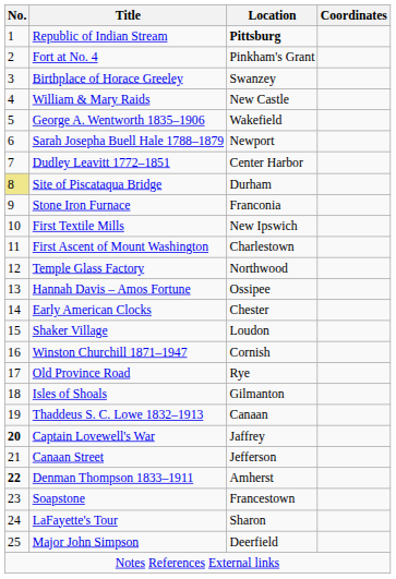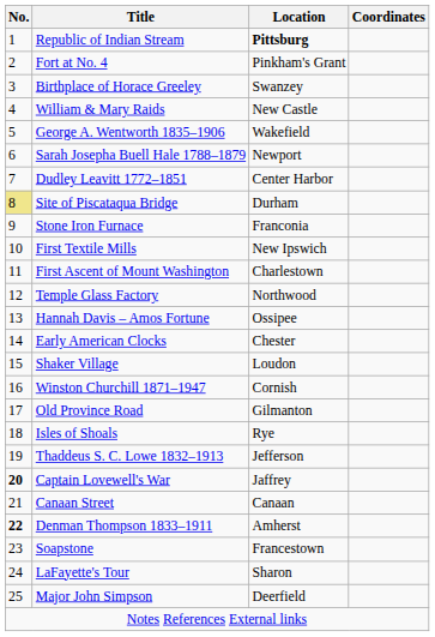 <table class="wikitable" style="text-align:left; font-size: 95%;">
 <tr>
 <th>No.</th>
 <th>Title</th>
 <th>Location</th>
 <th>Coordinates</th>
 </tr>
 <tr>
 <td>1</td>
 <td><a href='#'>Republic of Indian Stream</a></td>
 <td><strong>Pittsburg</strong></td>
 <td></td>
 </tr>
 <tr>
 <td>2</td>
 <td><a href='#'>Fort at No. 4</a></td>
 <td>Pinkham's Grant</td>
 <td></td>
 </tr>
 <tr>
 <td>3</td>
 <td><a href='#'>Birthplace of Horace Greeley</a></td>
 <td>Swanzey</td>
 <td></td>
 </tr>
 <tr>
 <td>4</td>
 <td><a href='#'>William & Mary Raids</a></td>
 <td>New Castle</td>
 <td></td>
 </tr>
 <tr>
 <td>5</td>
 <td><a href='#'>George A. Wentworth 1835–1906</a></td>
 <td>Wakefield</td>
 <td></td>
 </tr>
 <tr>
 <td>6</td>
 <td><a href='#'>Sarah Josepha Buell Hale 1788–1879</a></td>
 <td>Newport</td>
 <td></td>
 </tr>
 <tr>
 <td>7</td>
 <td><a href='#'>Dudley Leavitt 1772–1851</a></td>
 <td>Center Harbor</td>
 <td></td>
 </tr>
 <tr>
 <td style="background: khaki;">8</td>
 <td><a href='#'>Site of Piscataqua Bridge</a></td>
 <td>Durham</td>
 <td></td>
 </tr>
 <tr>
 <td>9</td>
 <td><a href='#'>Stone Iron Furnace</a></td>
 <td>Franconia</td>
 <td></td>
 </tr>
 <tr>
 <td>10</td>
 <td><a href='#'>First Textile Mills</a></td>
 <td>New Ipswich</td>
 <td></td>
 </tr>
 <tr>
 <td>11</td>
 <td><a href='#'>First Ascent of Mount Washington</a></td>
 <td>Charlestown</td>
 <td></td>
 </tr>
 <tr>
 <td>12</td>
 <td><a href='#'>Temple Glass Factory</a></td>
 <td>Northwood</td>
 <td></td>
 </tr>
 <tr>
 <td>13</td>
 <td><a href='#'>Hannah Davis – Amos Fortune</a></td>
 <td>Ossipee</td>
 <td></td>
 </tr>
 <tr>
 <td>14</td>
 <td><a href='#'>Early American Clocks</a></td>
 <td>Chester</td>
 <td></td>
 </tr>
 <tr>
 <td>15</td>
 <td><a href='#'>Shaker Village</a></td>
 <td>Loudon</td>
 <td></td>
 </tr>
 <tr>
 <td>16</td>
 <td><a href='#'>Winston Churchill 1871–1947</a></td>
 <td>Cornish</td>
 <td></td>
 </tr>
 <tr>
 <td>17</td>
 <td><a href='#'>Old Province Road</a></td>
-<td>Rye</td>
+<td>Gilmanton</td>
 <td></td>
 </tr>
 <tr>
 <td>18</td>
 <td><a href='#'>Isles of Shoals</a></td>
-<td>Gilmanton</td>
+<td>Rye</td>
 <td></td>
 </tr>
 <tr>
 <td>19</td>
 <td><a href='#'>Thaddeus S. C. Lowe 1832–1913</a></td>
-<td>Canaan</td>
+<td>Jefferson</td>
 <td></td>
 </tr>
 <tr>
 <td><strong>20</strong></td>
 <td><a href='#'>Captain Lovewell's War</a></td>
 <td>Jaffrey</td>
 <td></td>
 </tr>
 <tr>
 <td>21</td>
 <td><a href='#'>Canaan Street</a></td>
-<td>Jefferson</td>
+<td>Canaan</td>
 <td></td>
 </tr>
 <tr>
 <td><strong>22</strong></td>
 <td><a href='#'>Denman Thompson 1833–1911</a></td>
 <td>Amherst</td>
 <td></td>
 </tr>
 <tr>
 <td>23</td>
 <td><a href='#'>Soapstone</a></td>
 <td>Francestown</td>
 <td></td>
 </tr>
 <tr>
 <td>24</td>
 <td><a href='#'>LaFayette's Tour</a></td>
 <td>Sharon</td>
 <td></td>
 </tr>
 <tr>
 <td>25</td>
 <td><a href='#'>Major John Simpson</a></td>
 <td>Deerfield</td>
 <td></td>
 </tr>
 <tr>
 <td colspan=4 align=center><a href='#'>Notes</a>  <a href='#'>References</a>  <a href='#'>External links</a></td>
 </tr>
 </table>
